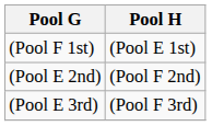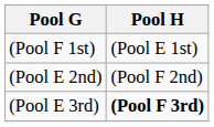 <table class="wikitable">
 <tr>
 <th width=50%>Pool G</th>
 <th width=50%>Pool H</th>
 </tr>
 <tr>
 <td> (Pool F 1st)</td>
 <td> (Pool E 1st)</td>
 </tr>
 <tr>
 <td> (Pool E 2nd)</td>
 <td> (Pool F 2nd)</td>
 </tr>
 <tr>
 <td> (Pool E 3rd)</td>
-<td> (Pool F 3rd)</td>
+<td><strong> (Pool F 3rd)</strong></td>
 </tr>
 <tr>
 </tr>
 </table>
